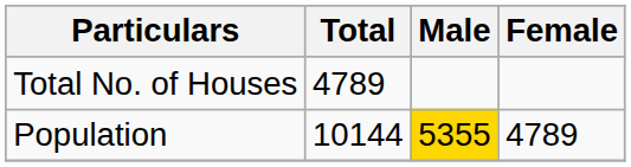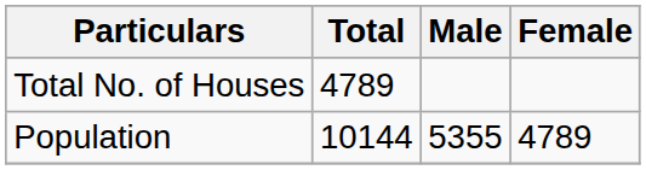 <table class="wikitable sortable">
 <tr>
 <th>Particulars</th>
 <th>Total</th>
 <th>Male</th>
 <th>Female</th>
 </tr>
 <tr>
 <td>Total No. of Houses</td>
 <td>4789</td>
 <td></td>
 <td></td>
 </tr>
 <tr>
 <td>Population</td>
 <td>10144</td>
-<td style="background: gold;">5355</td>
+<td>5355</td>
 <td>4789</td>
 </tr>
 <tr>
 </tr>
 </table>
